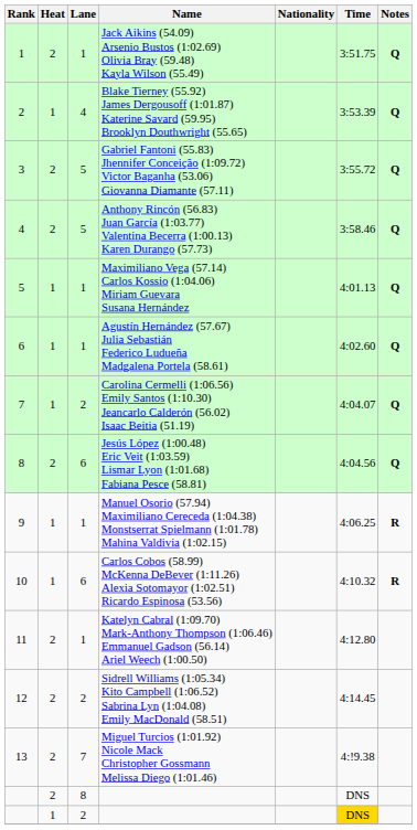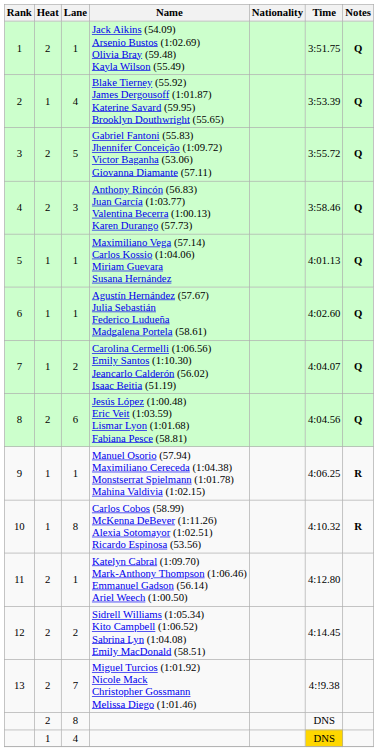 <table class="wikitable sortable" style="text-align:center">
 <tr>
 <th>Rank</th>
 <th>Heat</th>
 <th>Lane</th>
 <th>Name</th>
 <th>Nationality</th>
 <th>Time</th>
 <th>Notes</th>
 </tr>
 <tr bgcolor="ccffcc">
 <td>1</td>
 <td>2</td>
 <td>1</td>
 <td align="left"><a href='#'>Jack Aikins</a> (54.09)<br><a href='#'>Arsenio Bustos</a> (1:02.69)<br><a href='#'>Olivia Bray</a> (59.48)<br><a href='#'>Kayla Wilson</a> (55.49)</td>
 <td align="left"></td>
 <td>3:51.75</td>
 <td><strong>Q</strong></td>
 </tr>
 <tr bgcolor="ccffcc">
 <td>2</td>
 <td>1</td>
 <td>4</td>
 <td align="left"><a href='#'>Blake Tierney</a> (55.92)<br><a href='#'>James Dergousoff</a> (1:01.87)<br><a href='#'>Katerine Savard</a> (59.95)<br><a href='#'>Brooklyn Douthwright</a> (55.65)</td>
 <td align="left"></td>
 <td>3:53.39</td>
 <td><strong>Q</strong></td>
 </tr>
 <tr bgcolor="ccffcc">
 <td>3</td>
 <td>2</td>
 <td>5</td>
 <td align="left"><a href='#'>Gabriel Fantoni</a> (55.83)<br><a href='#'>Jhennifer Conceição</a> (1:09.72)<br><a href='#'>Victor Baganha</a> (53.06)<br><a href='#'>Giovanna Diamante</a> (57.11)</td>
 <td align="left"></td>
 <td>3:55.72</td>
 <td><strong>Q</strong></td>
 </tr>
 <tr bgcolor="ccffcc">
 <td>4</td>
 <td>2</td>
-<td>5</td>
+<td>3</td>
 <td align="left"><a href='#'>Anthony Rincón</a> (56.83)<br><a href='#'>Juan García</a> (1:03.77)<br><a href='#'>Valentina Becerra</a> (1:00.13)<br><a href='#'>Karen Durango</a> (57.73)</td>
 <td align="left"></td>
 <td>3:58.46</td>
 <td><strong>Q</strong></td>
 </tr>
 <tr bgcolor="ccffcc">
 <td>5</td>
 <td>1</td>
 <td>1</td>
 <td align="left"><a href='#'>Maximiliano Vega</a> (57.14)<br><a href='#'>Carlos Kossio</a> (1:04.06)<br><a href='#'>Miriam Guevara</a><br><a href='#'>Susana Hernández</a></td>
 <td align="left"></td>
 <td>4:01.13</td>
 <td><strong>Q</strong></td>
 </tr>
 <tr bgcolor="ccffcc">
 <td>6</td>
 <td>1</td>
 <td>1</td>
 <td align="left"><a href='#'>Agustín Hernández</a> (57.67)<br><a href='#'>Julia Sebastián</a><br><a href='#'>Federico Ludueña</a><br><a href='#'>Madgalena Portela</a> (58.61)</td>
 <td align="left"></td>
 <td>4:02.60</td>
 <td><strong>Q</strong></td>
 </tr>
 <tr bgcolor="ccffcc">
 <td>7</td>
 <td>1</td>
 <td>2</td>
 <td align="left"><a href='#'>Carolina Cermelli</a> (1:06.56)<br><a href='#'>Emily Santos</a> (1:10.30)<br><a href='#'>Jeancarlo Calderón</a> (56.02)<br><a href='#'>Isaac Beitia</a> (51.19)</td>
 <td align="left"></td>
 <td>4:04.07</td>
 <td><strong>Q</strong></td>
 </tr>
 <tr bgcolor="ccffcc">
 <td>8</td>
 <td>2</td>
 <td>6</td>
 <td align="left"><a href='#'>Jesús López</a> (1:00.48)<br><a href='#'>Eric Veit</a> (1:03.59)<br><a href='#'>Lismar Lyon</a> (1:01.68)<br><a href='#'>Fabiana Pesce</a> (58.81)</td>
 <td align="left"></td>
 <td>4:04.56</td>
 <td><strong>Q</strong></td>
 </tr>
 <tr>
 <td>9</td>
 <td>1</td>
 <td>1</td>
 <td align="left"><a href='#'>Manuel Osorio</a> (57.94)<br><a href='#'>Maximiliano Cereceda</a> (1:04.38)<br><a href='#'>Monstserrat Spielmann</a> (1:01.78)<br><a href='#'>Mahina Valdivia</a> (1:02.15)</td>
 <td align="left"></td>
 <td>4:06.25</td>
 <td><strong>R</strong></td>
 </tr>
 <tr>
 <td>10</td>
 <td>1</td>
-<td>6</td>
+<td>8</td>
 <td align="left"><a href='#'>Carlos Cobos</a> (58.99)<br><a href='#'>McKenna DeBever</a> (1:11.26)<br><a href='#'>Alexia Sotomayor</a> (1:02.51)<br><a href='#'>Ricardo Espinosa</a> (53.56)</td>
 <td align="left"></td>
 <td>4:10.32</td>
 <td><strong>R</strong></td>
 </tr>
 <tr>
 <td>11</td>
 <td>2</td>
 <td>1</td>
 <td align="left"><a href='#'>Katelyn Cabral</a> (1:09.70)<br><a href='#'>Mark-Anthony Thompson</a> (1:06.46)<br><a href='#'>Emmanuel Gadson</a> (56.14)<br><a href='#'>Ariel Weech</a> (1:00.50)</td>
 <td align="left"></td>
 <td>4:12.80</td>
 <td></td>
 </tr>
 <tr>
 <td>12</td>
 <td>2</td>
 <td>2</td>
 <td align="left"><a href='#'>Sidrell Williams</a> (1:05.34)<br><a href='#'>Kito Campbell</a> (1:06.52)<br><a href='#'>Sabrina Lyn</a> (1:04.08)<br><a href='#'>Emily MacDonald</a> (58.51)</td>
 <td align="left"></td>
 <td>4:14.45</td>
 <td></td>
 </tr>
 <tr>
 <td>13</td>
 <td>2</td>
 <td>7</td>
 <td align="left"><a href='#'>Miguel Turcios</a> (1:01.92)<br><a href='#'>Nicole Mack</a><br><a href='#'>Christopher Gossmann</a><br><a href='#'>Melissa Diego</a> (1:01.46)</td>
 <td align="left"></td>
 <td>4:!9.38</td>
 <td></td>
 </tr>
 <tr>
 <td></td>
 <td>2</td>
 <td>8</td>
 <td align="left"></td>
 <td align="left"></td>
 <td>DNS</td>
 <td></td>
 </tr>
 <tr>
 <td></td>
 <td>1</td>
-<td>2</td>
+<td>4</td>
 <td align="left"></td>
 <td align="left"></td>
 <td style="background: gold;">DNS</td>
 <td></td>
 </tr>
 <tr>
 </tr>
 </table>
